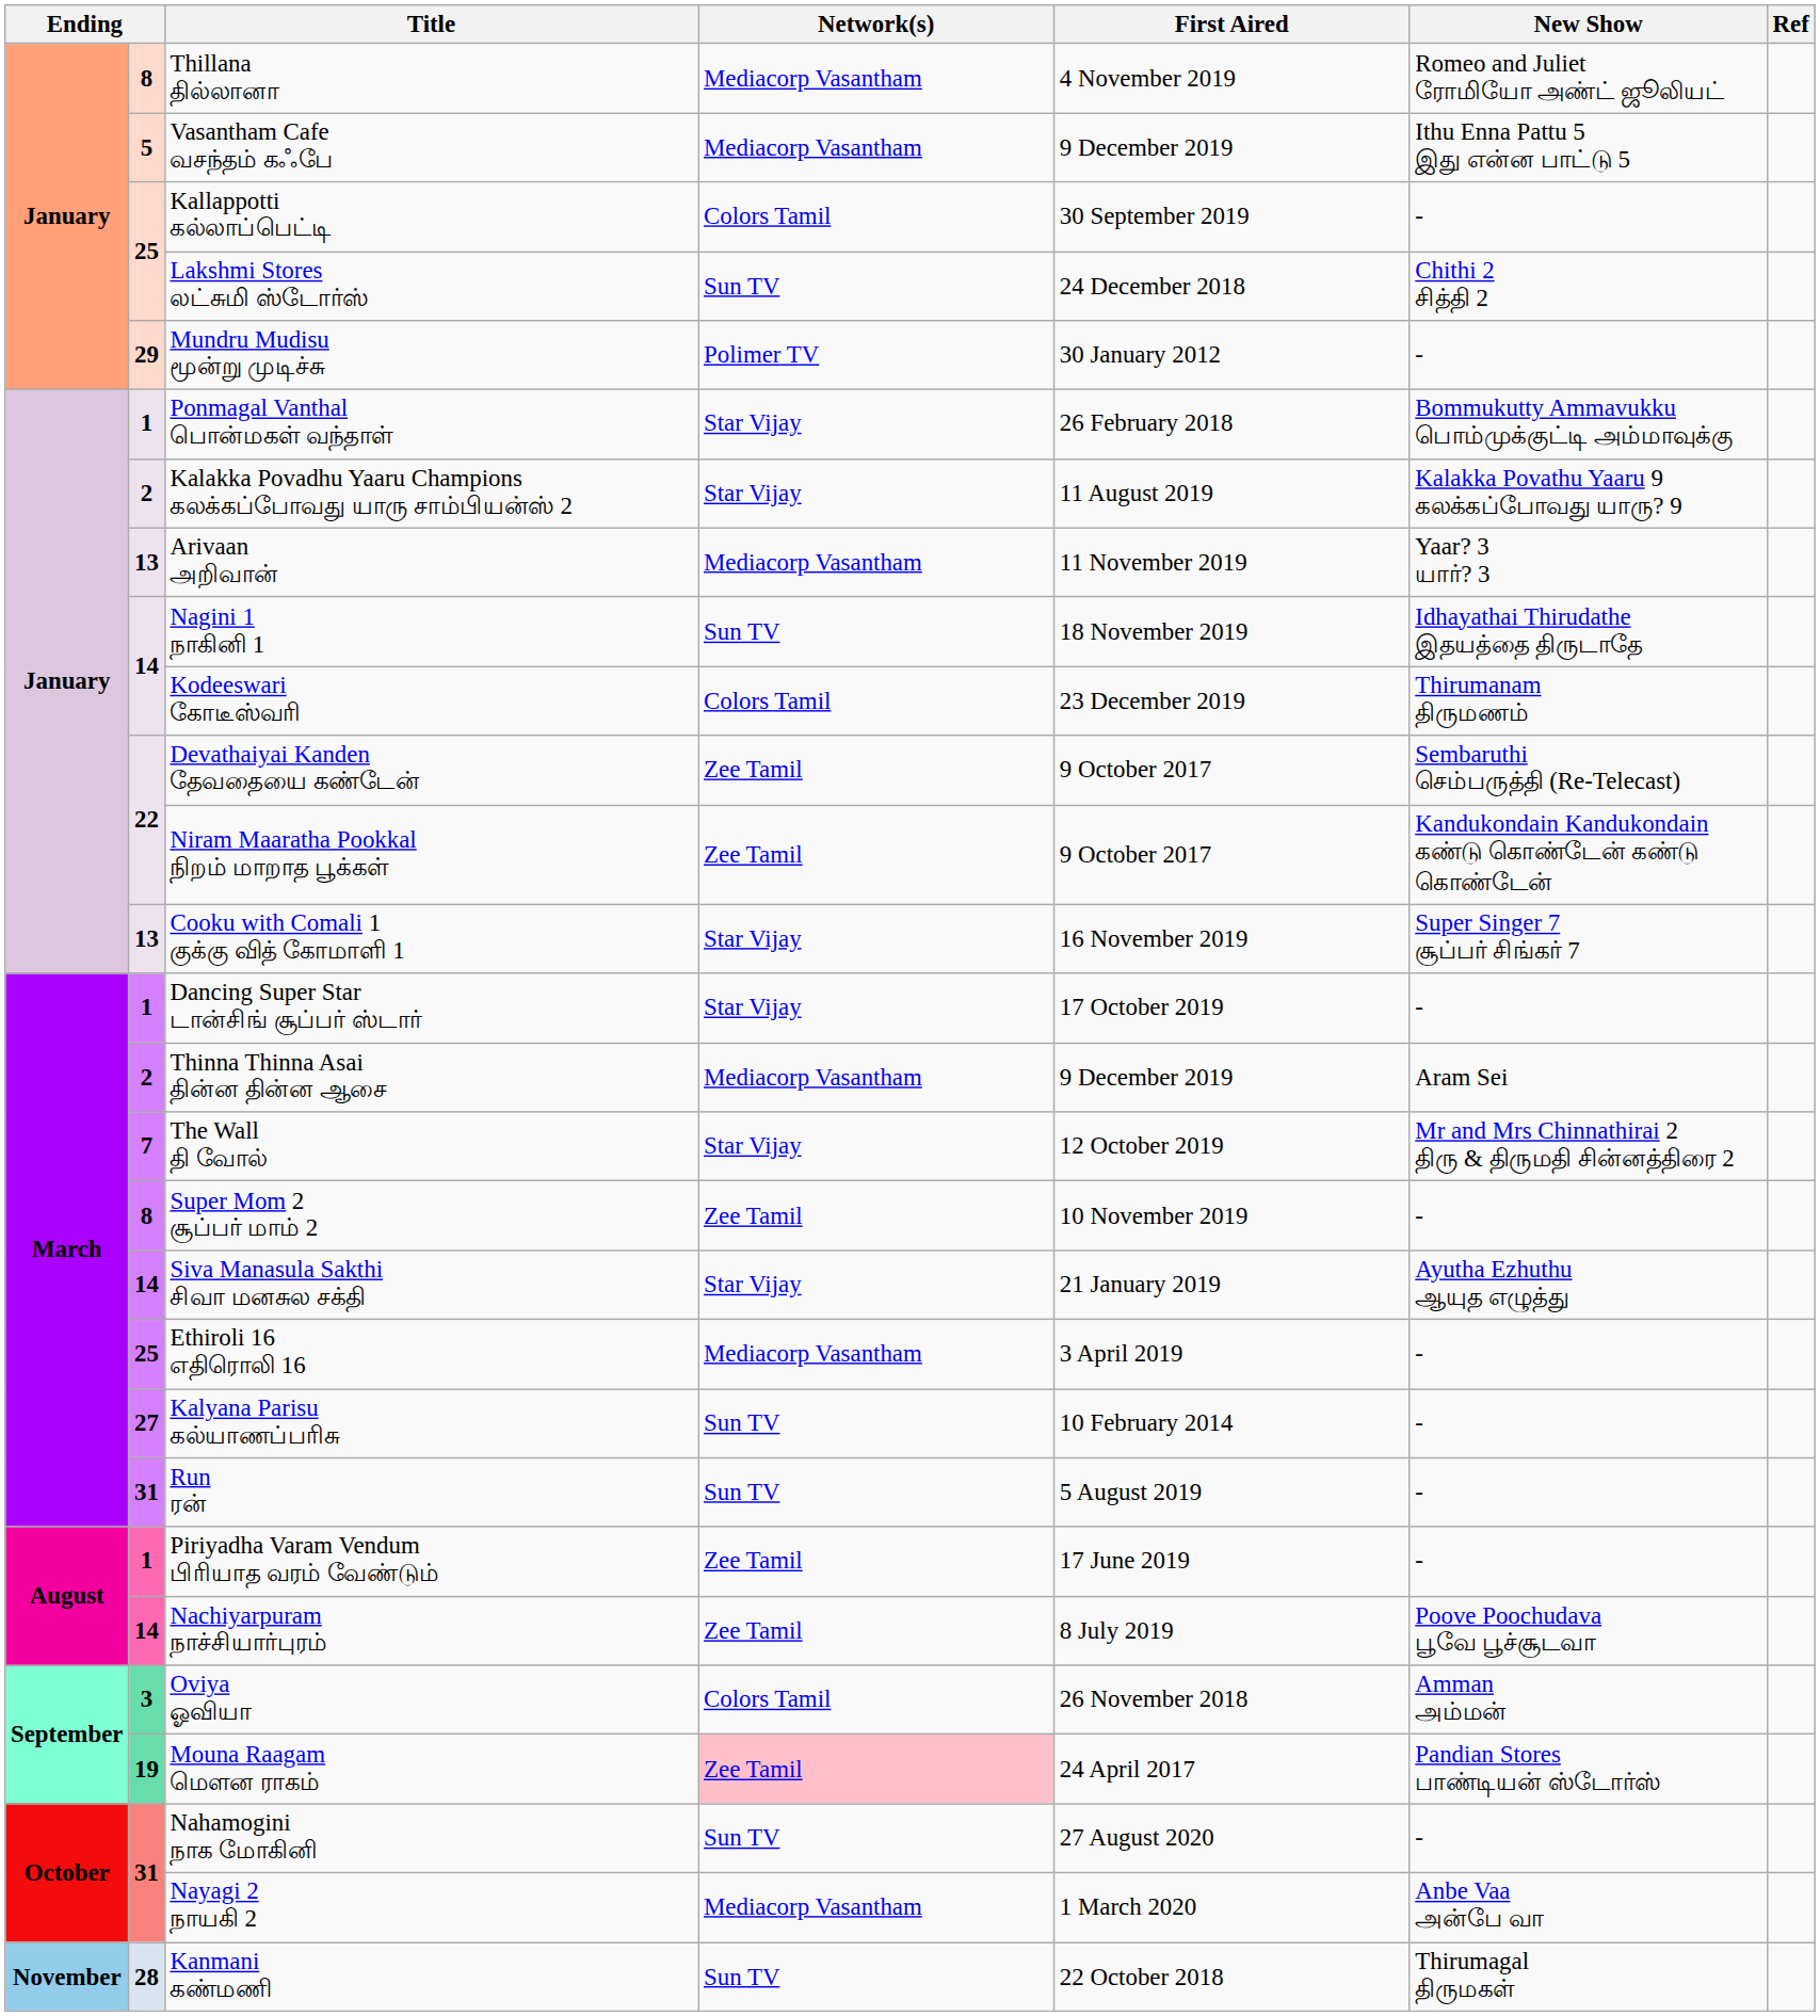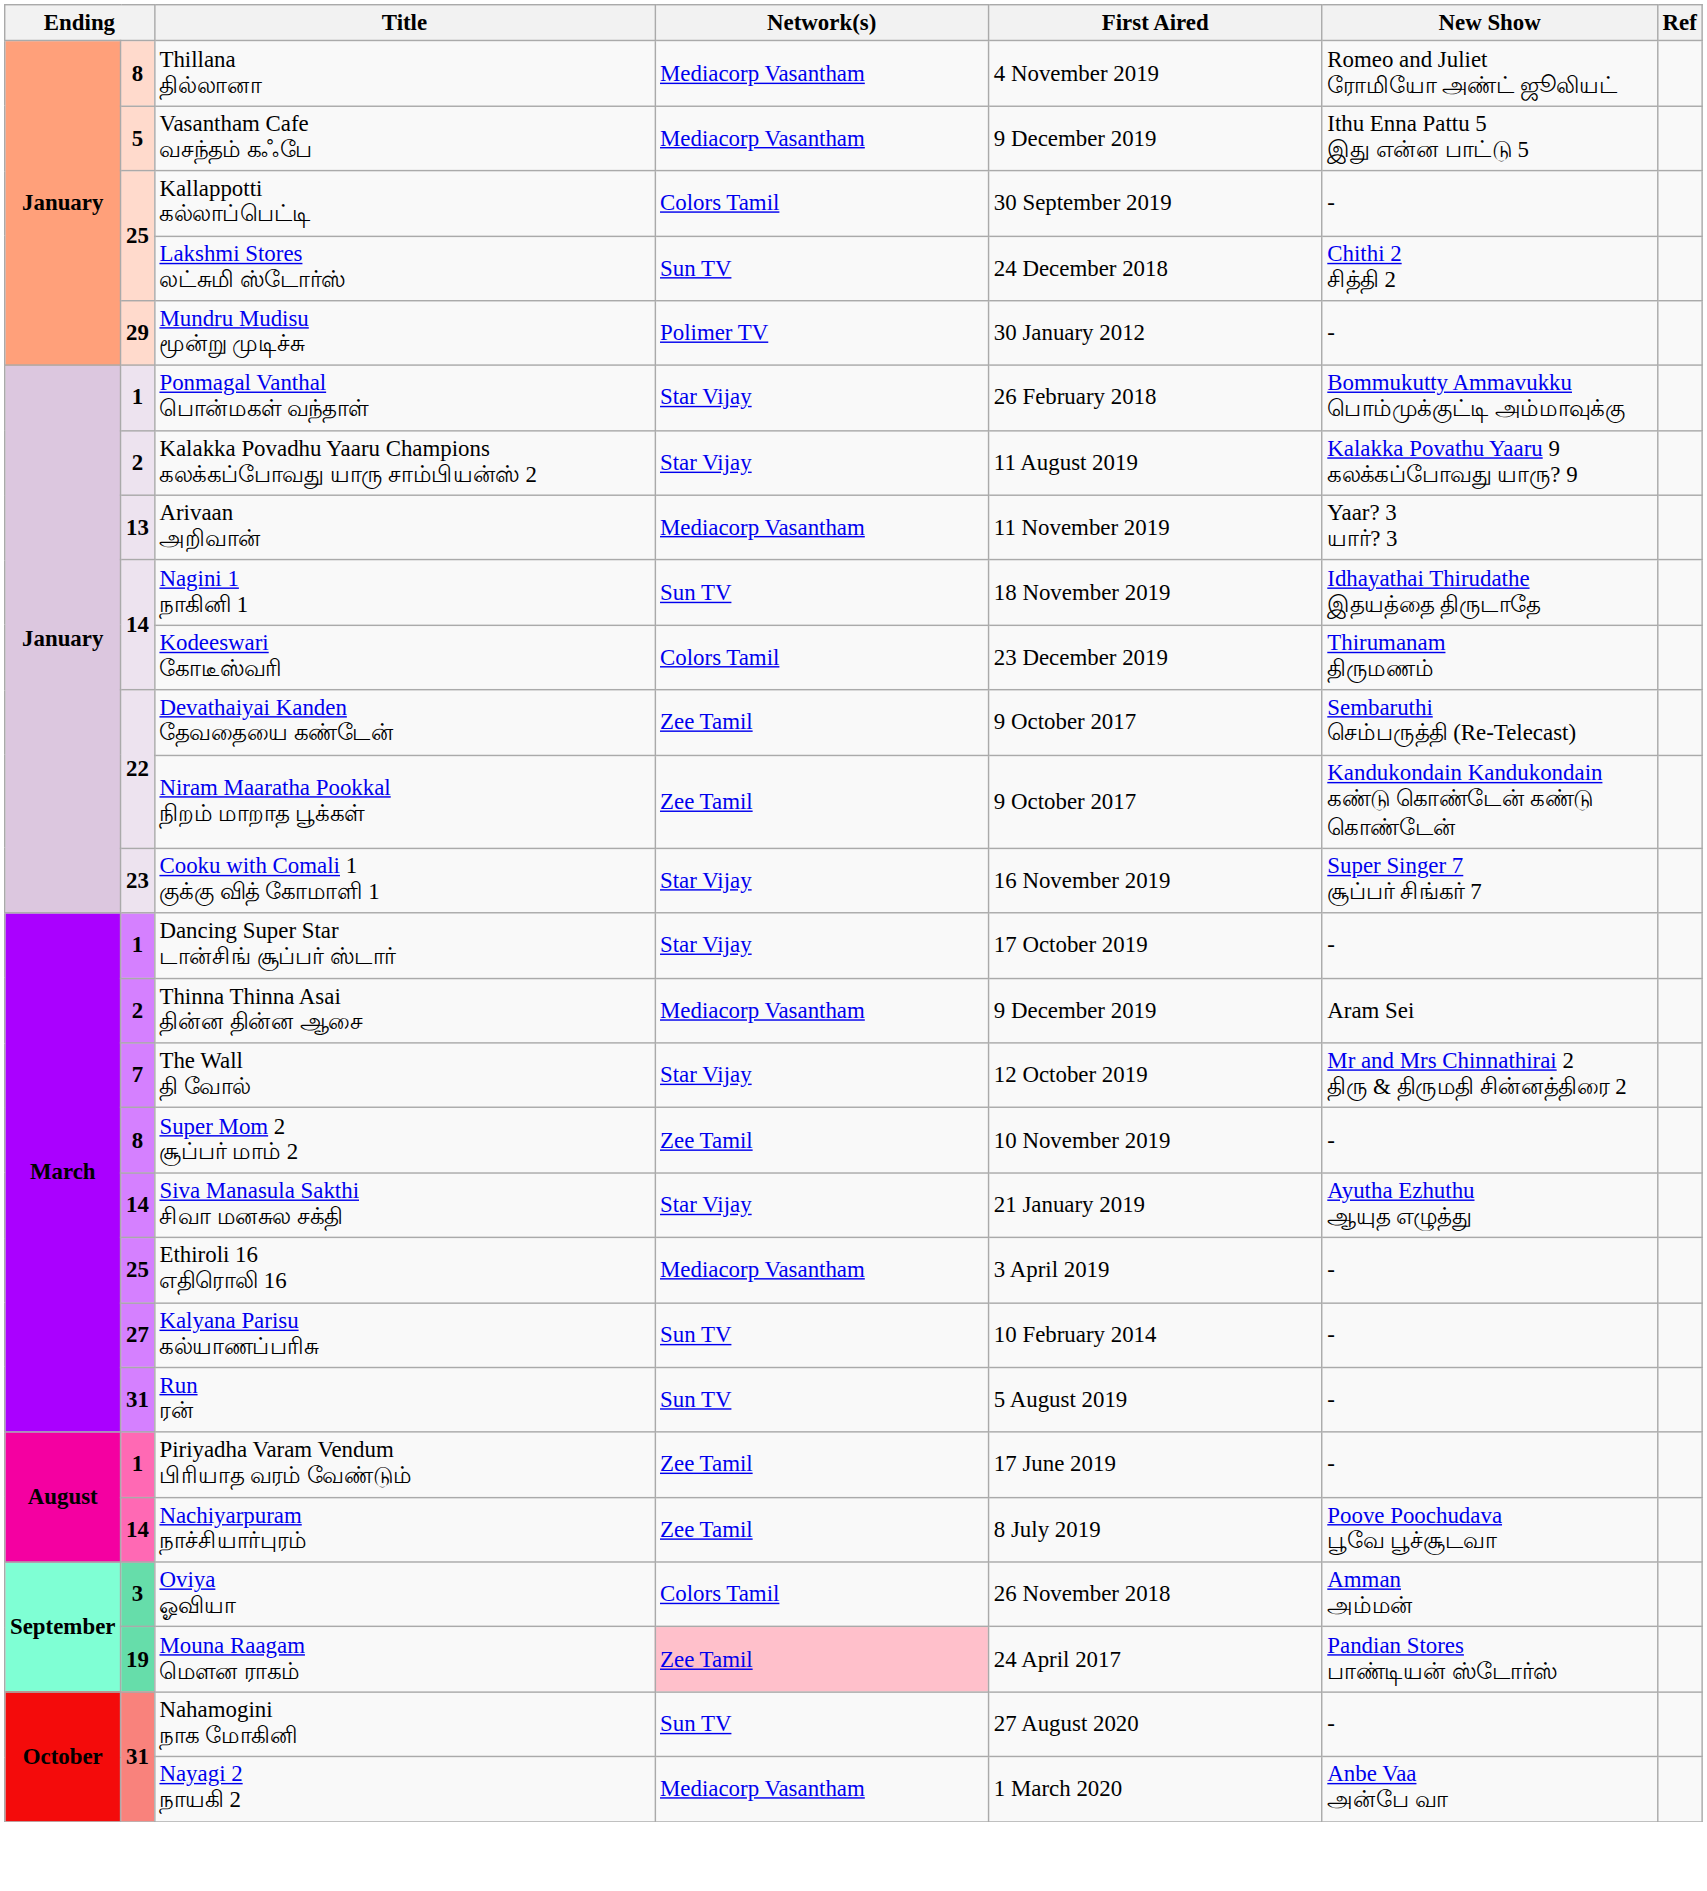 <table class="wikitable" width="75%">
 <tr>
 <th colspan="2">Ending</th>
 <th style="width:30%;">Title</th>
 <th style="width:20%;">Network(s)</th>
 <th style="width:20%;">First Aired</th>
 <th style="width:20%;">New Show</th>
 <th>Ref</th>
 </tr>
 <tr>
 <td rowspan="5" style="text-align:center; background:#ffa07a; textcolor:#000;"><strong>January</strong></td>
 <td style="text-align:center; background:#ffdacc;"><strong>8</strong></td>
 <td>Thillana <br> தில்லானா</td>
 <td><a href='#'>Mediacorp Vasantham</a></td>
 <td>4 November 2019</td>
 <td>Romeo and Juliet <br> ரோமியோ அண்ட் ஜூலியட்</td>
 <td></td>
 </tr>
 <tr>
 <td style="text-align:center; background:#ffdacc;"><strong>5</strong></td>
 <td>Vasantham Cafe <br> வசந்தம் கஃபே</td>
 <td><a href='#'>Mediacorp Vasantham</a></td>
 <td>9 December 2019</td>
 <td>Ithu Enna Pattu 5 <br> இது என்ன பாட்டு 5</td>
 <td></td>
 </tr>
 <tr>
 <td rowspan="2" style="text-align:center; background:#ffdacc;"><strong>25</strong></td>
 <td>Kallappotti <br> கல்லாப்பெட்டி</td>
 <td><a href='#'>Colors Tamil</a></td>
 <td>30 September 2019</td>
 <td>-</td>
 <td></td>
 </tr>
 <tr>
 <td><a href='#'>Lakshmi Stores</a> <br> லட்சுமி ஸ்டோர்ஸ்</td>
 <td><a href='#'>Sun TV</a></td>
 <td>24 December 2018</td>
 <td><a href='#'>Chithi 2</a> <br> சித்தி 2</td>
 <td></td>
 </tr>
 <tr>
 <td style="text-align:center; background:#ffdacc;"><strong>29</strong></td>
 <td><a href='#'>Mundru Mudisu</a> <br>  மூன்று முடிச்சு</td>
 <td><a href='#'>Polimer TV</a></td>
 <td>30 January 2012</td>
 <td>-</td>
 <td></td>
 </tr>
 <tr>
 <td rowspan="8" style="text-align:center; background:#dcc7df; textcolor:#000;"><strong>January</strong></td>
 <td style="text-align:center; background:#ede3ef;"><strong>1</strong></td>
 <td><a href='#'>Ponmagal Vanthal</a> <br> பொன்மகள் வந்தாள்</td>
 <td><a href='#'>Star Vijay</a></td>
 <td>26 February 2018</td>
 <td><a href='#'>Bommukutty Ammavukku</a> <br> பொம்முக்குட்டி அம்மாவுக்கு</td>
 <td></td>
 </tr>
 <tr>
 <td style="text-align:center; background:#ede3ef;"><strong>2</strong></td>
 <td>Kalakka Povadhu Yaaru Champions <br> கலக்கப்போவது யாரு சாம்பியன்ஸ் 2</td>
 <td><a href='#'>Star Vijay</a></td>
 <td>11 August 2019</td>
 <td><a href='#'>Kalakka Povathu Yaaru</a> 9 <br> கலக்கப்போவது யாரு? 9</td>
 <td></td>
 </tr>
 <tr>
 <td style="text-align:center; background:#ede3ef;"><strong>13</strong></td>
 <td>Arivaan <br> அறிவான்</td>
 <td><a href='#'>Mediacorp Vasantham</a></td>
 <td>11 November 2019</td>
 <td>Yaar? 3 <br> யார்? 3</td>
 <td></td>
 </tr>
 <tr>
 <td rowspan="2" style="text-align:center; background:#ede3ef;"><strong>14</strong></td>
 <td><a href='#'>Nagini 1</a> <br> நாகினி 1</td>
 <td><a href='#'>Sun TV</a></td>
 <td>18 November 2019</td>
 <td><a href='#'>Idhayathai Thirudathe</a> <br> இதயத்தை திருடாதே</td>
 <td></td>
 </tr>
 <tr>
 <td><a href='#'>Kodeeswari</a> <br> கோடீஸ்வரி</td>
 <td><a href='#'>Colors Tamil</a></td>
 <td>23 December 2019</td>
 <td><a href='#'>Thirumanam</a> <br> திருமணம்</td>
 <td></td>
 </tr>
 <tr>
 <td rowspan="2" style="text-align:center; background:#ede3ef;"><strong>22</strong></td>
 <td><a href='#'>Devathaiyai Kanden</a> <br> தேவதையை கண்டேன்</td>
 <td><a href='#'>Zee Tamil</a></td>
 <td>9 October 2017</td>
 <td><a href='#'>Sembaruthi</a> <br> செம்பருத்தி (Re-Telecast)</td>
 <td></td>
 </tr>
 <tr>
 <td><a href='#'>Niram Maaratha Pookkal</a> <br> நிறம் மாறாத பூக்கள்</td>
 <td><a href='#'>Zee Tamil</a></td>
 <td>9 October 2017</td>
 <td><a href='#'>Kandukondain Kandukondain</a> <br> கண்டு கொண்டேன் கண்டு கொண்டேன்</td>
 <td></td>
 </tr>
 <tr>
-<td style="text-align:center; background:#ede3ef;"><strong>13</strong></td>
+<td style="text-align:center; background:#ede3ef;"><strong>23</strong></td>
 <td><a href='#'>Cooku with Comali</a> 1 <br> குக்கு வித் கோமாளி 1</td>
 <td><a href='#'>Star Vijay</a></td>
 <td>16 November 2019</td>
 <td><a href='#'>Super Singer 7</a> <br> சூப்பர் சிங்கர் 7</td>
 <td></td>
 </tr>
 <tr>
 <td rowspan="8" style="text-align:center; background:#a0f; textcolor:#d580ff;"><strong>March</strong></td>
 <td style="text-align:center; background:#d580ff"><strong>1</strong></td>
 <td>Dancing Super Star <br> டான்சிங் சூப்பர் ஸ்டார்</td>
 <td><a href='#'>Star Vijay</a></td>
 <td>17 October 2019</td>
 <td>-</td>
 <td></td>
 </tr>
 <tr>
 <td style="text-align:center; background:#d580ff"><strong>2</strong></td>
 <td>Thinna Thinna Asai <br> தின்ன தின்ன ஆசை</td>
 <td><a href='#'>Mediacorp Vasantham</a></td>
 <td>9 December 2019</td>
 <td>Aram Sei</td>
 <td></td>
 </tr>
 <tr>
 <td style="text-align:center; background:#d580ff"><strong>7</strong></td>
 <td>The Wall <br> தி வோல்</td>
 <td><a href='#'>Star Vijay</a></td>
 <td>12 October 2019</td>
 <td><a href='#'>Mr and Mrs Chinnathirai</a> 2 <br> திரு & திருமதி சின்னத்திரை 2</td>
 <td></td>
 </tr>
 <tr>
 <td style="text-align:center; background:#d580ff"><strong>8</strong></td>
 <td><a href='#'>Super Mom</a> 2 <br> சூப்பர் மாம் 2</td>
 <td><a href='#'>Zee Tamil</a></td>
 <td>10 November 2019</td>
 <td>-</td>
 <td></td>
 </tr>
 <tr>
 <td style="text-align:center; background:#d580ff"><strong>14</strong></td>
 <td><a href='#'>Siva Manasula Sakthi</a> <br> சிவா மனசுல சக்தி</td>
 <td><a href='#'>Star Vijay</a></td>
 <td>21 January 2019</td>
 <td><a href='#'>Ayutha Ezhuthu</a> <br> ஆயுத எழுத்து</td>
 <td></td>
 </tr>
 <tr>
 <td style="text-align:center; background:#d580ff"><strong>25</strong></td>
 <td>Ethiroli 16 <br> எதிரொலி 16</td>
 <td><a href='#'>Mediacorp Vasantham</a></td>
 <td>3 April 2019</td>
 <td>-</td>
 <td></td>
 </tr>
 <tr>
 <td style="text-align:center; background:#d580ff"><strong>27</strong></td>
 <td><a href='#'>Kalyana Parisu</a> <br> கல்யாணப்பரிசு</td>
 <td><a href='#'>Sun TV</a></td>
 <td>10 February 2014</td>
 <td>-</td>
 <td></td>
 </tr>
 <tr>
 <td style="text-align:center; background:#d580ff"><strong>31</strong></td>
 <td><a href='#'>Run</a> <br> ரன்</td>
 <td><a href='#'>Sun TV</a></td>
 <td>5 August 2019</td>
 <td>-</td>
 <td></td>
 </tr>
 <tr>
 <td rowspan="2"  style="text-align:center; background:#F400A1; textcolor:#000;"><strong>August</strong></td>
 <td style="text-align:center; background:hotPink;"><strong>1</strong></td>
 <td>Piriyadha Varam Vendum <br> பிரியாத வரம் வேண்டும்</td>
 <td><a href='#'>Zee Tamil</a></td>
 <td>17 June 2019</td>
 <td>-</td>
 <td></td>
 </tr>
 <tr>
 <td style="text-align:center; background:hotPink;"><strong>14</strong></td>
 <td><a href='#'>Nachiyarpuram</a> <br> நாச்சியார்புரம்</td>
 <td><a href='#'>Zee Tamil</a></td>
 <td>8 July 2019</td>
 <td><a href='#'>Poove Poochudava</a> <br> பூவே பூச்சூடவா</td>
 <td></td>
 </tr>
 <tr>
 <td rowspan="2" style="text-align:center; background:#7FFFD4; textcolor:#000;"><strong>September</strong></td>
 <td style="text-align:center; background:#6da;"><strong>3</strong></td>
 <td><a href='#'>Oviya</a> <br> ஓவியா</td>
 <td><a href='#'>Colors Tamil</a></td>
 <td>26 November 2018</td>
 <td><a href='#'>Amman</a> <br> அம்மன்</td>
 <td></td>
 </tr>
 <tr>
 <td style="text-align:center; background:#6da;"><strong>19</strong></td>
 <td><a href='#'>Mouna Raagam</a> <br> மௌன ராகம்</td>
 <td style="background: pink;"><a href='#'>Zee Tamil</a></td>
 <td>24 April 2017</td>
 <td><a href='#'>Pandian Stores</a> <br> பாண்டியன் ஸ்டோர்ஸ்</td>
 <td></td>
 </tr>
 <tr>
 <td rowspan="2" style="text-align:center; background:#f40b0b; textcolor:#000;"><strong>October</strong></td>
 <td rowspan="2" style="text-align:center;background:#f9827c;"><strong>31</strong></td>
 <td>Nahamogini <br> நாக மோகினி</td>
 <td><a href='#'>Sun TV</a></td>
 <td>27 August 2020</td>
 <td>-</td>
 <td></td>
 </tr>
 <tr>
 <td><a href='#'>Nayagi 2</a> <br> நாயகி 2</td>
 <td><a href='#'>Mediacorp Vasantham</a></td>
 <td>1 March 2020</td>
 <td><a href='#'>Anbe Vaa</a> <br> அன்பே வா</td>
 <td></td>
 </tr>
 <tr>
-<td style="text-align:center; background:#93CCEA; textcolor:#d580ff;"><strong>November</strong></td>
-<td style="text-align:center; background:#d9e4f1;"><strong>28</strong></td>
-<td><a href='#'>Kanmani</a> <br> கண்மணி</td>
-<td><a href='#'>Sun TV</a></td>
-<td>22 October 2018</td>
-<td>Thirumagal <br> திருமகள்</td>
-<td></td>
-</tr>
-<tr>
 </tr>
 </table>
